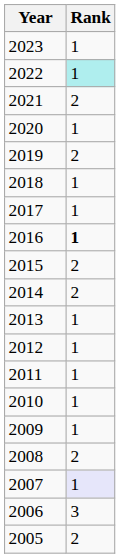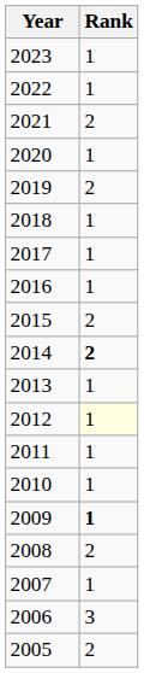 <table class="wikitable">
 <tr>
 <th width=50>Year</th>
 <th style="text-align:center;">Rank</th>
 </tr>
 <tr>
 <td>2023</td>
 <td>1</td>
 </tr>
 <tr>
 <td>2022</td>
-<td style="background: paleturquoise;">1</td>
+<td>1</td>
 </tr>
 <tr>
 <td>2021</td>
 <td>2</td>
 </tr>
 <tr>
 <td>2020</td>
 <td>1</td>
 </tr>
 <tr>
 <td>2019</td>
 <td>2</td>
 </tr>
 <tr>
 <td>2018</td>
 <td>1</td>
 </tr>
 <tr>
 <td>2017</td>
 <td>1</td>
 </tr>
 <tr>
 <td>2016</td>
-<td><strong>1</strong></td>
+<td>1</td>
 </tr>
 <tr>
 <td>2015</td>
 <td>2</td>
 </tr>
 <tr>
 <td>2014</td>
-<td>2</td>
+<td><strong>2</strong></td>
 </tr>
 <tr>
 <td>2013</td>
 <td>1</td>
 </tr>
 <tr>
 <td>2012</td>
-<td>1</td>
+<td style="background: lightyellow;">1</td>
 </tr>
 <tr>
 <td>2011</td>
 <td>1</td>
 </tr>
 <tr>
 <td>2010</td>
 <td>1</td>
 </tr>
 <tr>
 <td>2009</td>
-<td>1</td>
+<td><strong>1</strong></td>
 </tr>
 <tr>
 <td>2008</td>
 <td>2</td>
 </tr>
 <tr>
 <td>2007</td>
-<td style="background: lavender;">1</td>
+<td>1</td>
 </tr>
 <tr>
 <td>2006</td>
 <td>3</td>
 </tr>
 <tr>
 <td>2005</td>
 <td>2</td>
 </tr>
 </table>
